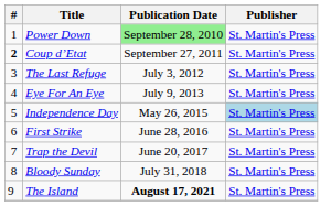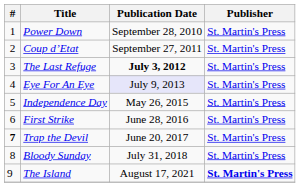 <table class=wikitable>
 <tr>
 <th> # </th>
 <th>Title</th>
 <th>Publication Date</th>
 <th>Publisher</th>
 </tr>
 <tr>
 <td style="text-align:center">1</td>
 <td><em><a href='#'>Power Down</a>  </em></td>
-<td style="background: lightgreen; text-align:center">September 28, 2010</td>
+<td style="text-align:center">September 28, 2010</td>
 <td><a href='#'>St. Martin's Press</a></td>
 </tr>
 <tr>
-<td style="text-align:center"><strong>2</strong></td>
+<td style="text-align:center">2</td>
 <td><a href='#'><em>Coup d’Etat</em></a></td>
 <td style="text-align:center">September 27, 2011</td>
 <td><a href='#'>St. Martin's Press</a></td>
 </tr>
 <tr>
 <td style="text-align:center">3</td>
 <td><a href='#'><em>The Last Refuge</em></a></td>
-<td style="text-align:center">July 3, 2012</td>
+<td style="text-align:center"><strong>July 3, 2012</strong></td>
 <td><a href='#'>St. Martin's Press</a></td>
 </tr>
 <tr>
 <td style="text-align:center">4</td>
 <td><a href='#'><em>Eye For An Eye</em></a></td>
-<td style="text-align:center">July 9, 2013</td>
+<td style="background: lavender; text-align:center">July 9, 2013</td>
 <td><a href='#'>St. Martin's Press</a></td>
 </tr>
 <tr>
 <td style="text-align:center">5</td>
 <td><a href='#'><em>Independence Day</em></a></td>
 <td style="text-align:center">May 26, 2015</td>
-<td style="background: lightblue;"><a href='#'>St. Martin's Press</a></td>
+<td><a href='#'>St. Martin's Press</a></td>
 </tr>
 <tr>
 <td style="text-align:center">6</td>
 <td><a href='#'><em>First Strike</em></a></td>
 <td style="text-align:center">June 28, 2016</td>
 <td><a href='#'>St. Martin's Press</a></td>
 </tr>
 <tr>
-<td style="text-align:center">7</td>
+<td style="text-align:center"><strong>7</strong></td>
 <td><a href='#'><em>Trap the Devil</em></a></td>
 <td style="text-align:center">June 20, 2017</td>
 <td><a href='#'>St. Martin's Press</a></td>
 </tr>
 <tr>
 <td style="text-align:center">8</td>
 <td><a href='#'><em>Bloody Sunday</em></a></td>
 <td style="text-align:center">July 31, 2018</td>
 <td><a href='#'>St. Martin's Press</a></td>
 </tr>
 <tr>
 <td style=``text-align:center>9</td>
 <td><a href='#'><em>The Island</em></a></td>
-<td style="text-align:center"><strong>August 17, 2021</strong></td>
-<td><a href='#'>St. Martin's Press</a></td>
+<td style="text-align:center">August 17, 2021</td>
+<td><strong><a href='#'>St. Martin's Press</a></strong></td>
 </tr>
 <tr>
 </tr>
 </table>
